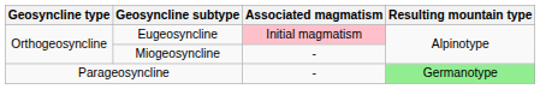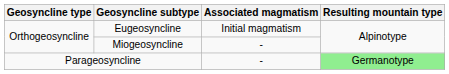 <table class="wikitable">
 <tr>
 <th>Geosyncline type</th>
 <th>Geosyncline subtype</th>
 <th>Associated magmatism</th>
 <th>Resulting mountain type</th>
 </tr>
 <tr>
 <td rowspan="2" colspan="1" style="text-align: center;">Orthogeosyncline</td>
 <td style="text-align: center;">Eugeosyncline</td>
-<td rowspan="1" colspan="1" style="background: pink; text-align: center;">Initial magmatism</td>
+<td rowspan="1" colspan="1" style="text-align: center;">Initial magmatism</td>
 <td rowspan="2" colspan="1" style="text-align: center;">Alpinotype</td>
 </tr>
 <tr>
 <td style="text-align: center;">Miogeosyncline</td>
 <td style="text-align: center;">-</td>
 </tr>
 <tr>
 <td rowspan="1" colspan="2" style="text-align: center;">Parageosyncline</td>
 <td style="text-align: center;">-</td>
 <td style="background: lightgreen; text-align: center;">Germanotype</td>
 </tr>
 </table>
